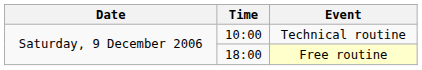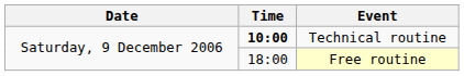 <table class = "wikitable" style="text-align:center;">
 <tr>
 <th width=220>Date</th>
 <th width=50>Time</th>
 <th width=150>Event</th>
 </tr>
 <tr>
 <td rowspan=2>Saturday, 9 December 2006</td>
-<td>10:00</td>
+<td><strong>10:00</strong></td>
 <td>Technical routine</td>
 </tr>
 <tr>
 <td>18:00</td>
 <td bgcolor=ffffcc>Free routine</td>
 </tr>
 </table>
